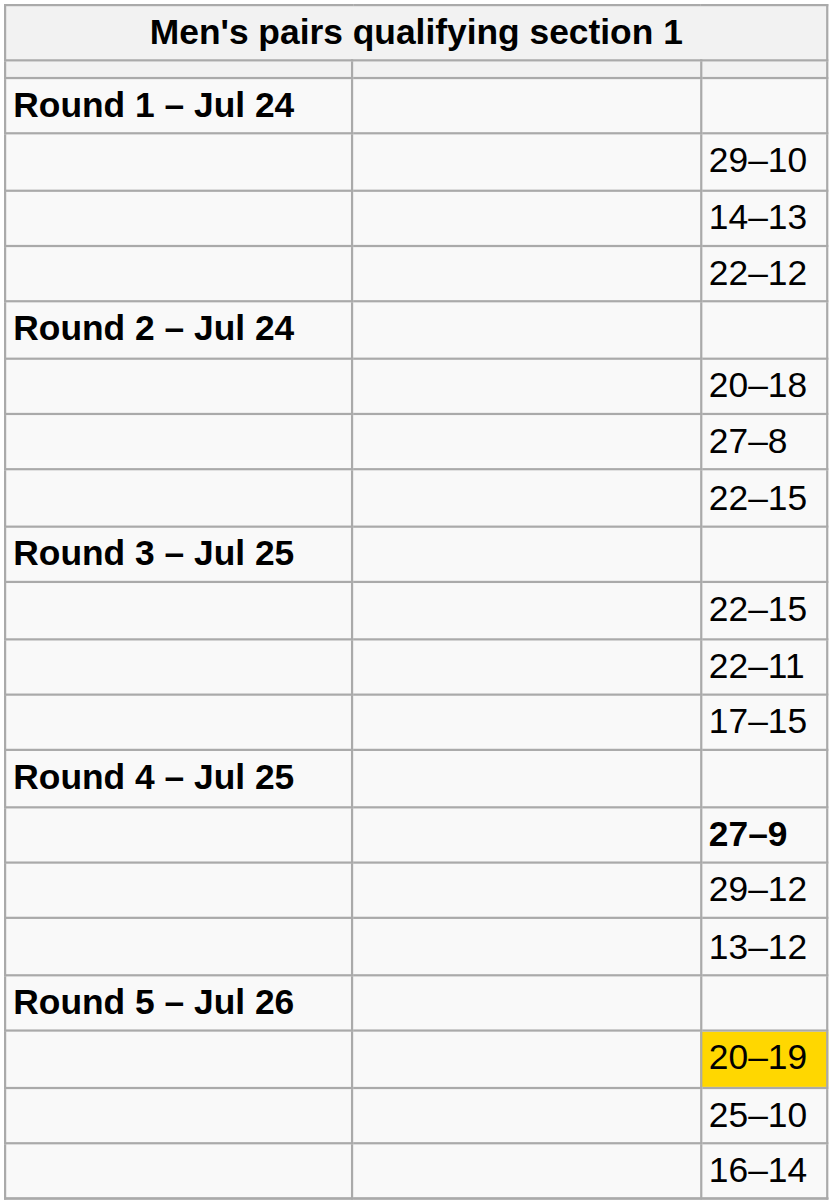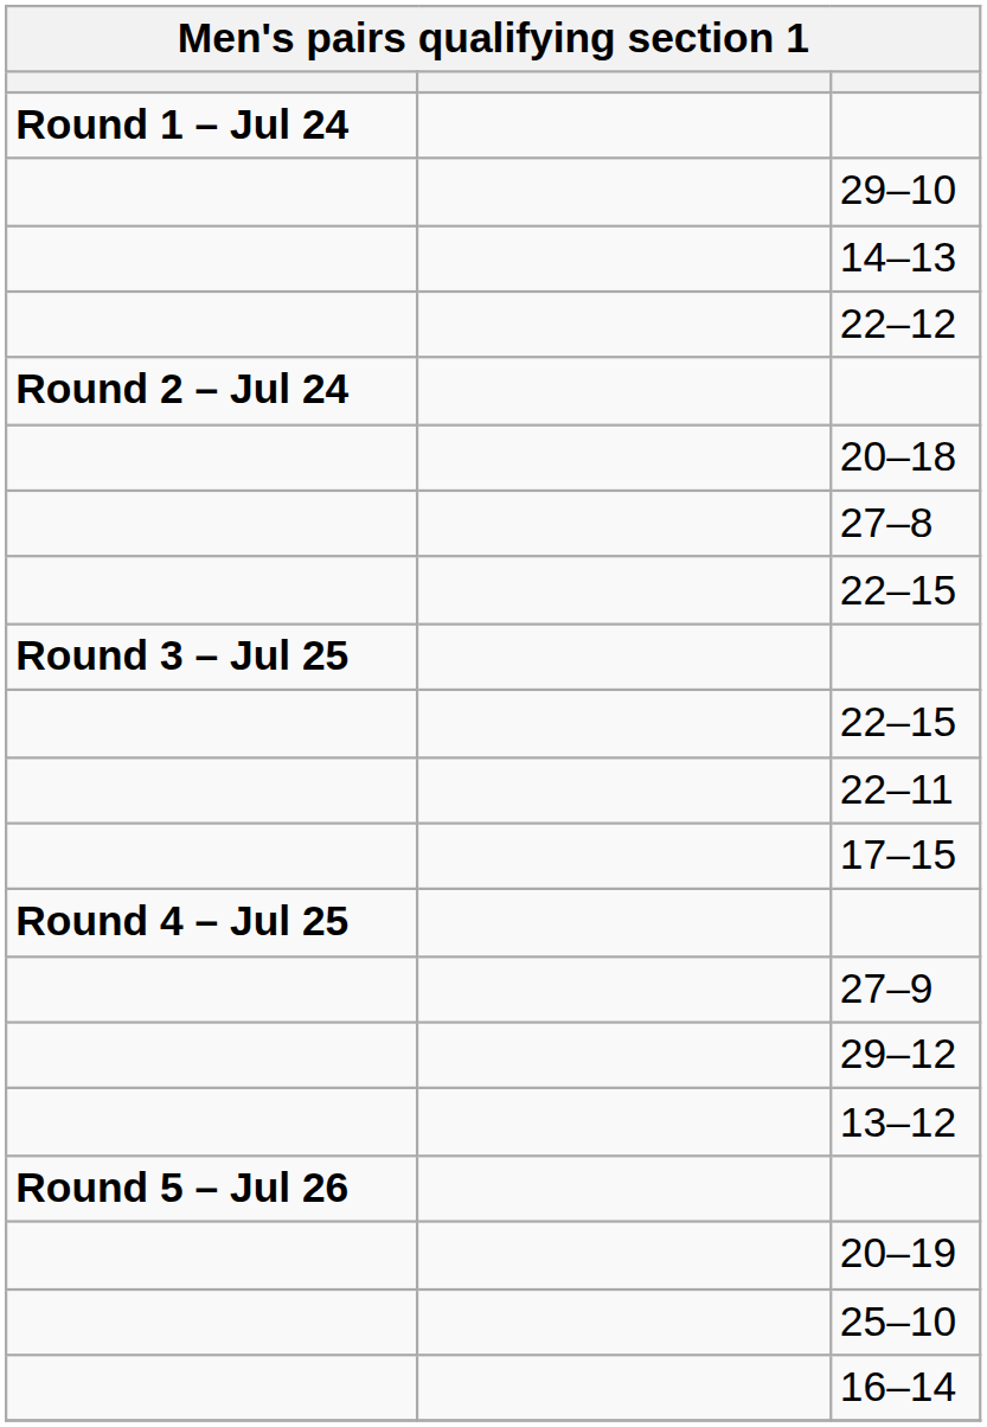 <table class="wikitable">
 <tr>
 <th colspan="3">Men's pairs qualifying section 1</th>
 </tr>
 <tr>
 <th width=150></th>
 <th width=150></th>
 <th width=50></th>
 </tr>
 <tr>
 <td><strong>Round 1 – Jul 24</strong></td>
 <td></td>
 <td></td>
 </tr>
 <tr>
 <td></td>
 <td></td>
 <td>29–10</td>
 </tr>
 <tr>
 <td></td>
 <td></td>
 <td>14–13</td>
 </tr>
 <tr>
 <td></td>
 <td></td>
 <td>22–12</td>
 </tr>
 <tr>
 <td><strong>Round 2 – Jul 24</strong></td>
 <td></td>
 <td></td>
 </tr>
 <tr>
 <td></td>
 <td></td>
 <td>20–18</td>
 </tr>
 <tr>
 <td></td>
 <td></td>
 <td>27–8</td>
 </tr>
 <tr>
 <td></td>
 <td></td>
 <td>22–15</td>
 </tr>
 <tr>
 <td><strong>Round 3 – Jul 25</strong></td>
 <td></td>
 <td></td>
 </tr>
 <tr>
 <td></td>
 <td></td>
 <td>22–15</td>
 </tr>
 <tr>
 <td></td>
 <td></td>
 <td>22–11</td>
 </tr>
 <tr>
 <td></td>
 <td></td>
 <td>17–15</td>
 </tr>
 <tr>
 <td><strong>Round 4 – Jul 25</strong></td>
 <td></td>
 <td></td>
 </tr>
 <tr>
 <td></td>
 <td></td>
-<td><strong>27–9</strong></td>
+<td>27–9</td>
 </tr>
 <tr>
 <td></td>
 <td></td>
 <td>29–12</td>
 </tr>
 <tr>
 <td></td>
 <td></td>
 <td>13–12</td>
 </tr>
 <tr>
 <td><strong>Round 5 – Jul 26</strong></td>
 <td></td>
 <td></td>
 </tr>
 <tr>
 <td></td>
 <td></td>
-<td style="background: gold;">20–19</td>
+<td>20–19</td>
 </tr>
 <tr>
 <td></td>
 <td></td>
 <td>25–10</td>
 </tr>
 <tr>
 <td></td>
 <td></td>
 <td>16–14</td>
 </tr>
 <tr>
 </tr>
 </table>
